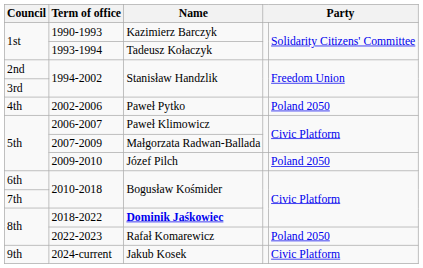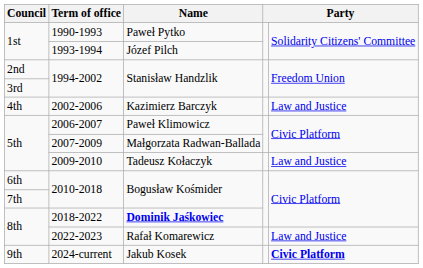 <table class="wikitable">
 <tr>
 <th>Council</th>
 <th>Term of office</th>
 <th>Name</th>
 <th colspan=2>Party</th>
 </tr>
 <tr>
 <td rowspan=2>1st</td>
 <td>1990-1993</td>
-<td>Kazimierz Barczyk</td>
+<td>Paweł Pytko</td>
 <td rowspan=2 style="background:"></td>
 <td rowspan=2><a href='#'>Solidarity Citizens' Committee</a></td>
 </tr>
 <tr>
 <td>1993-1994</td>
-<td>Tadeusz Kołaczyk</td>
+<td>Józef Pilch</td>
 </tr>
 <tr>
 <td>2nd</td>
 <td rowspan=2>1994-2002</td>
 <td rowspan=2>Stanisław Handzlik</td>
 <td rowspan=2 style="background:"></td>
 <td rowspan=2><a href='#'>Freedom Union</a></td>
 </tr>
 <tr>
 <td>3rd</td>
 </tr>
 <tr>
 <td>4th</td>
 <td>2002-2006</td>
-<td>Paweł Pytko</td>
+<td>Kazimierz Barczyk</td>
 <td style="background:"></td>
-<td><a href='#'>Poland 2050</a></td>
+<td><a href='#'>Law and Justice</a></td>
 </tr>
 <tr>
 <td rowspan=3>5th</td>
 <td>2006-2007</td>
 <td>Paweł Klimowicz</td>
 <td rowspan=2 style="background:"></td>
 <td rowspan=2><a href='#'>Civic Platform</a></td>
 </tr>
 <tr>
 <td>2007-2009</td>
 <td>Małgorzata Radwan-Ballada</td>
 </tr>
 <tr>
 <td>2009-2010</td>
-<td>Józef Pilch</td>
+<td>Tadeusz Kołaczyk</td>
 <td style="background:"></td>
-<td><a href='#'>Poland 2050</a></td>
+<td><a href='#'>Law and Justice</a></td>
 </tr>
 <tr>
 <td>6th</td>
 <td rowspan=2>2010-2018</td>
 <td rowspan=2>Bogusław Kośmider</td>
 <td rowspan=3 style="background:"></td>
 <td rowspan=3><a href='#'>Civic Platform</a></td>
 </tr>
 <tr>
 <td>7th</td>
 </tr>
 <tr>
 <td rowspan=2>8th</td>
 <td>2018-2022</td>
 <td><strong><a href='#'>Dominik Jaśkowiec</a></strong></td>
 </tr>
 <tr>
 <td>2022-2023</td>
 <td>Rafał Komarewicz</td>
 <td style="background:"></td>
-<td><a href='#'>Poland 2050</a></td>
+<td><a href='#'>Law and Justice</a></td>
 </tr>
 <tr>
 <td>9th</td>
 <td>2024-current</td>
 <td>Jakub Kosek</td>
 <td style="background:"></td>
-<td><a href='#'>Civic Platform</a></td>
+<td><strong><a href='#'>Civic Platform</a></strong></td>
 </tr>
 </table>
